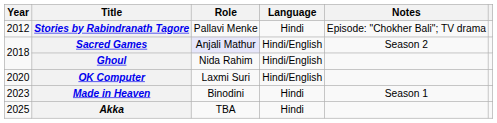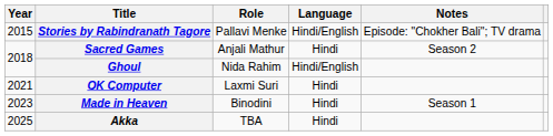 <table class="wikitable plainrowheaders sortable" style="margin-right: 0; text-align: center;">
 <tr>
 <th scope="col">Year</th>
 <th scope="col">Title</th>
 <th scope="col">Role</th>
 <th scope="col">Language</th>
 <th scope="col" class="unsortable">Notes</th>
 <th scope="col" class="unsortable"></th>
 </tr>
 <tr>
-<td>2012</td>
+<td>2015</td>
 <th scope="row"><em><a href='#'>Stories by Rabindranath Tagore</a></em></th>
 <td>Pallavi Menke</td>
-<td>Hindi</td>
+<td>Hindi/English</td>
 <td>Episode: "Chokher Bali"; TV drama</td>
 <td></td>
 </tr>
 <tr>
 <td rowspan="2">2018</td>
 <th scope="row"><em><a href='#'>Sacred Games</a></em></th>
-<td style="background: lavender;">Anjali Mathur</td>
-<td>Hindi/English</td>
+<td>Anjali Mathur</td>
+<td>Hindi</td>
 <td>Season 2</td>
 <td></td>
 </tr>
 <tr>
 <th scope="row"><em><a href='#'>Ghoul</a></em></th>
 <td>Nida Rahim</td>
 <td>Hindi/English</td>
 <td></td>
 <td></td>
 </tr>
 <tr>
-<td>2020</td>
+<td>2021</td>
 <th scope="row"><em><a href='#'>OK Computer</a> </em></th>
 <td>Laxmi Suri</td>
-<td>Hindi/English</td>
+<td>Hindi</td>
 <td></td>
 <td></td>
 </tr>
 <tr>
 <td>2023</td>
 <th scope="row"><em><a href='#'>Made in Heaven</a></em></th>
 <td>Binodini</td>
 <td>Hindi</td>
 <td>Season 1</td>
 <td></td>
 </tr>
 <tr>
 <td>2025</td>
 <th scope="row"><em>Akka</em></th>
 <td>TBA</td>
 <td>Hindi</td>
 <td></td>
 <td></td>
 </tr>
 </table>
